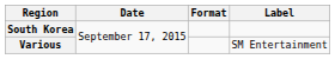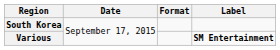 <table class="wikitable plainrowheaders">
 <tr>
 <th>Region</th>
 <th>Date</th>
 <th>Format</th>
 <th>Label</th>
 </tr>
 <tr>
 <th scope="row">South Korea</th>
 <td rowspan="2">September 17, 2015</td>
 <td></td>
 <td></td>
 </tr>
 <tr>
 <th scope="row">Various</th>
 <td></td>
-<td>SM Entertainment</td>
+<td><strong>SM Entertainment</strong></td>
 </tr>
 </table>
